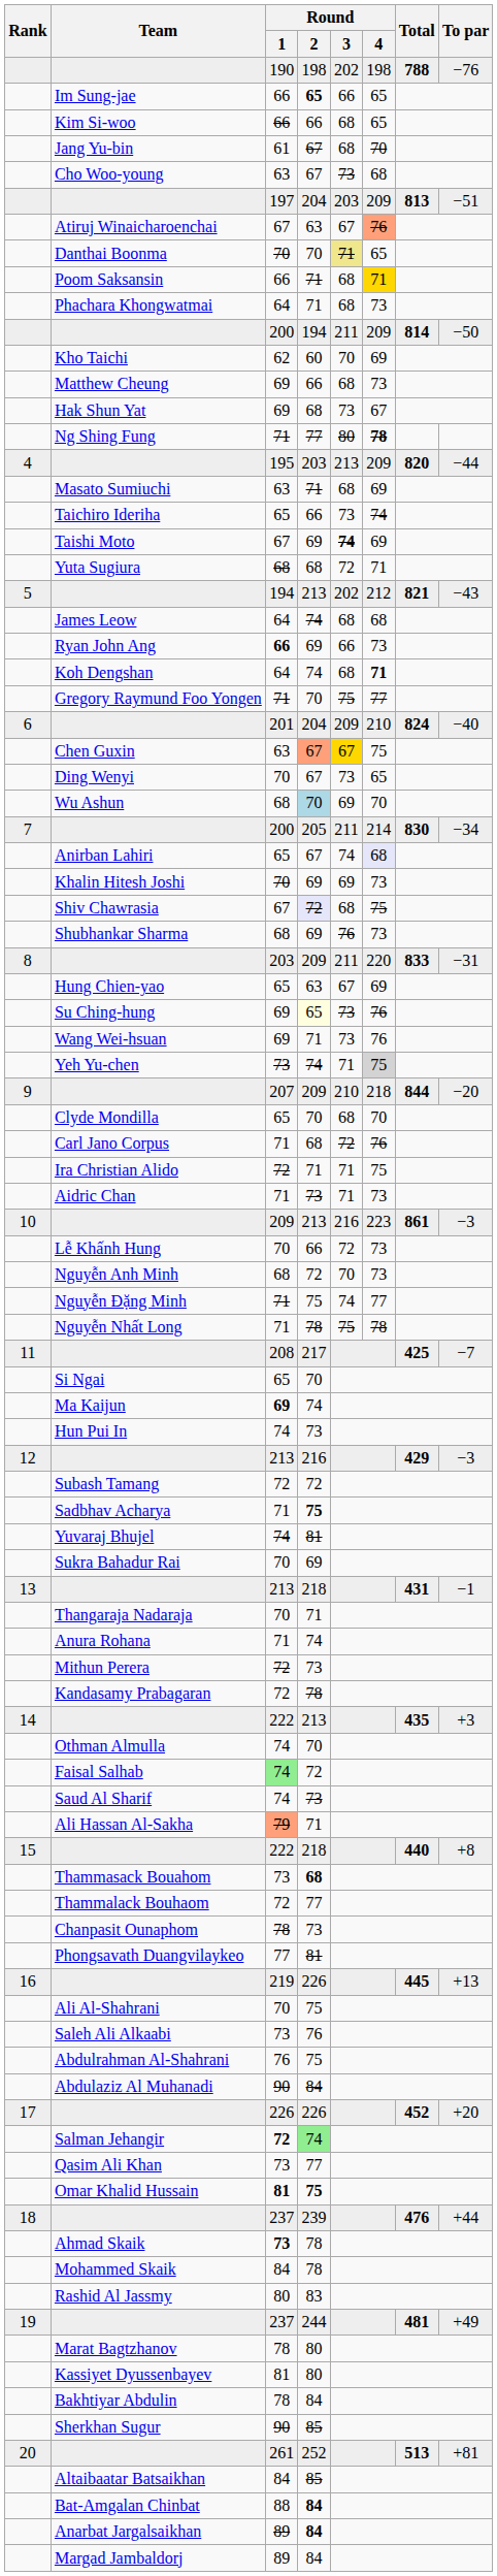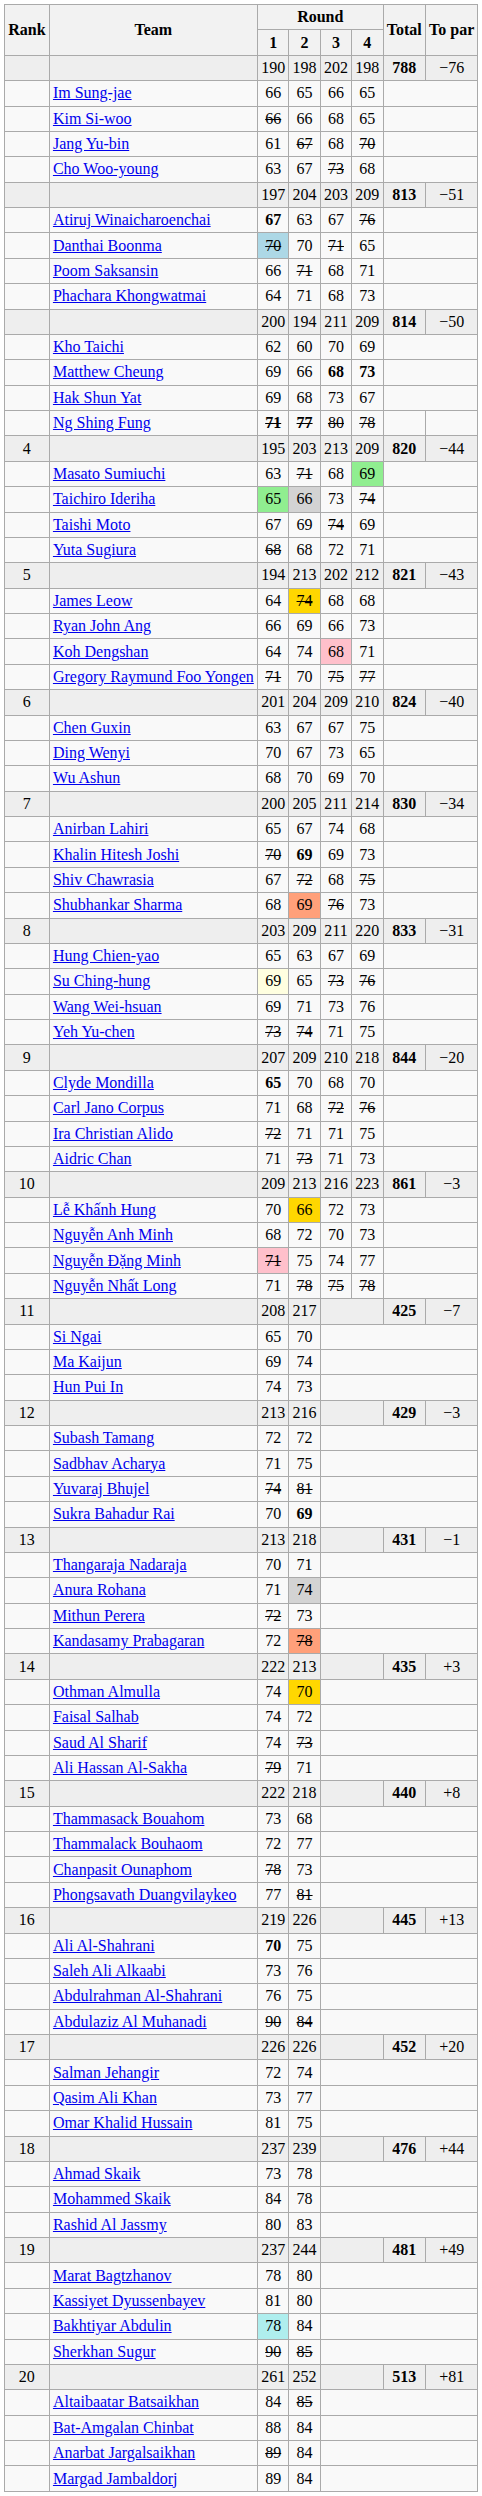 <table class=wikitable style="text-align:center">
 <tr>
 <th rowspan="2">Rank</th>
 <th rowspan="2">Team</th>
 <th colspan="4">Round</th>
 <th rowspan="2">Total</th>
 <th rowspan="2">To par</th>
 </tr>
 <tr>
 <th>1</th>
 <th>2</th>
 <th>3</th>
 <th>4</th>
 </tr>
 <tr style="background:#eeeeee;">
 <td></td>
 <td align=left></td>
 <td>190</td>
 <td>198</td>
 <td>202</td>
 <td>198</td>
 <td><strong>788</strong></td>
 <td>−76</td>
 </tr>
 <tr>
 <td></td>
 <td align=left><a href='#'>Im Sung-jae</a></td>
 <td>66</td>
-<td><strong>65</strong></td>
+<td>65</td>
 <td>66</td>
 <td>65</td>
 <td colspan=2></td>
 </tr>
 <tr>
 <td></td>
 <td align=left><a href='#'>Kim Si-woo</a></td>
 <td><s>66</s></td>
 <td>66</td>
 <td>68</td>
 <td>65</td>
 <td colspan=2></td>
 </tr>
 <tr>
 <td></td>
 <td align=left><a href='#'>Jang Yu-bin</a></td>
 <td>61</td>
 <td><s>67</s></td>
 <td>68</td>
 <td><s>70</s></td>
 <td colspan=2></td>
 </tr>
 <tr>
 <td></td>
 <td align=left><a href='#'>Cho Woo-young</a></td>
 <td>63</td>
 <td>67</td>
 <td><s>73</s></td>
 <td>68</td>
 <td colspan=2></td>
 </tr>
 <tr style="background:#eeeeee;">
 <td></td>
 <td align=left></td>
 <td>197</td>
 <td>204</td>
 <td>203</td>
 <td>209</td>
 <td><strong>813</strong></td>
 <td>−51</td>
 </tr>
 <tr>
 <td></td>
 <td align=left><a href='#'>Atiruj Winaicharoenchai</a></td>
-<td>67</td>
+<td><strong>67</strong></td>
 <td>63</td>
 <td>67</td>
-<td style="background: lightsalmon;"><s>76</s></td>
+<td><s>76</s></td>
 <td colspan=2></td>
 </tr>
 <tr>
 <td></td>
 <td align=left><a href='#'>Danthai Boonma</a></td>
-<td><s>70</s></td>
+<td style="background: lightblue;"><s>70</s></td>
 <td>70</td>
-<td style="background: khaki;"><s>71</s></td>
+<td><s>71</s></td>
 <td>65</td>
 <td colspan=2></td>
 </tr>
 <tr>
 <td></td>
 <td align=left><a href='#'>Poom Saksansin</a></td>
 <td>66</td>
 <td><s>71</s></td>
 <td>68</td>
-<td style="background: gold;">71</td>
+<td>71</td>
 <td colspan=2></td>
 </tr>
 <tr>
 <td></td>
 <td align=left><a href='#'>Phachara Khongwatmai</a></td>
 <td>64</td>
 <td>71</td>
 <td>68</td>
 <td>73</td>
 <td colspan=2></td>
 </tr>
 <tr style="background:#eeeeee;">
 <td></td>
 <td align=left></td>
 <td>200</td>
 <td>194</td>
 <td>211</td>
 <td>209</td>
 <td><strong>814</strong></td>
 <td>−50</td>
 </tr>
 <tr>
 <td></td>
 <td align=left><a href='#'>Kho Taichi</a></td>
 <td>62</td>
 <td>60</td>
 <td>70</td>
 <td>69</td>
 <td colspan=2></td>
 </tr>
 <tr>
 <td></td>
 <td align=left><a href='#'>Matthew Cheung</a></td>
 <td>69</td>
 <td>66</td>
-<td>68</td>
-<td>73</td>
+<td><strong>68</strong></td>
+<td><strong>73</strong></td>
 <td colspan=2></td>
 </tr>
 <tr>
 <td></td>
 <td align=left><a href='#'>Hak Shun Yat</a></td>
 <td>69</td>
 <td>68</td>
 <td>73</td>
 <td>67</td>
 <td colspan=2></td>
 </tr>
 <tr>
 <td></td>
 <td align=left><a href='#'>Ng Shing Fung</a></td>
-<td><s>71</s></td>
-<td><s>77</s></td>
+<td><strong><s>71</s></strong></td>
+<td><strong><s>77</s></strong></td>
 <td><s>80</s></td>
-<td><strong><s>78</s></strong></td>
+<td><s>78</s></td>
 <td></td>
 </tr>
 <tr style="background:#eeeeee;">
 <td>4</td>
 <td align=left></td>
 <td>195</td>
 <td>203</td>
 <td>213</td>
 <td>209</td>
 <td><strong>820</strong></td>
 <td>−44</td>
 </tr>
 <tr>
 <td></td>
 <td align=left><a href='#'>Masato Sumiuchi</a></td>
 <td>63</td>
 <td><s>71</s></td>
 <td>68</td>
-<td>69</td>
+<td style="background: lightgreen;">69</td>
 <td colspan=2></td>
 </tr>
 <tr>
 <td></td>
 <td align=left><a href='#'>Taichiro Ideriha</a></td>
-<td>65</td>
-<td>66</td>
+<td style="background: lightgreen;">65</td>
+<td style="background: lightgrey;">66</td>
 <td>73</td>
 <td><s>74</s></td>
 <td colspan=2></td>
 </tr>
 <tr>
 <td></td>
 <td align=left><a href='#'>Taishi Moto</a></td>
 <td>67</td>
 <td>69</td>
-<td><strong><s>74</s></strong></td>
+<td><s>74</s></td>
 <td>69</td>
 <td colspan=2></td>
 </tr>
 <tr>
 <td></td>
 <td align=left><a href='#'>Yuta Sugiura</a></td>
 <td><s>68</s></td>
 <td>68</td>
 <td>72</td>
 <td>71</td>
 <td colspan=2></td>
 </tr>
 <tr style="background:#eeeeee;">
 <td>5</td>
 <td align=left></td>
 <td>194</td>
 <td>213</td>
 <td>202</td>
 <td>212</td>
 <td><strong>821</strong></td>
 <td>−43</td>
 </tr>
 <tr>
 <td></td>
 <td align=left><a href='#'>James Leow</a></td>
 <td>64</td>
-<td><s>74</s></td>
+<td style="background: gold;"><s>74</s></td>
 <td>68</td>
 <td>68</td>
 <td colspan=2></td>
 </tr>
 <tr>
 <td></td>
 <td align=left><a href='#'>Ryan John Ang</a></td>
-<td><strong>66</strong></td>
+<td>66</td>
 <td>69</td>
 <td>66</td>
 <td>73</td>
 <td colspan=2></td>
 </tr>
 <tr>
 <td></td>
 <td align=left><a href='#'>Koh Dengshan</a></td>
 <td>64</td>
 <td>74</td>
-<td>68</td>
-<td><strong>71</strong></td>
+<td style="background: pink;">68</td>
+<td>71</td>
 <td colspan=2></td>
 </tr>
 <tr>
 <td></td>
 <td align=left><a href='#'>Gregory Raymund Foo Yongen</a></td>
 <td><s>71</s></td>
 <td>70</td>
 <td><s>75</s></td>
 <td><s>77</s></td>
 <td colspan=2></td>
 </tr>
 <tr style="background:#eeeeee;">
 <td>6</td>
 <td align=left></td>
 <td>201</td>
 <td>204</td>
 <td>209</td>
 <td>210</td>
 <td><strong>824</strong></td>
 <td>−40</td>
 </tr>
 <tr>
 <td></td>
 <td align=left><a href='#'>Chen Guxin</a></td>
 <td>63</td>
-<td style="background: lightsalmon;">67</td>
-<td style="background: gold;">67</td>
+<td>67</td>
+<td>67</td>
 <td>75</td>
 <td colspan=2></td>
 </tr>
 <tr>
 <td></td>
 <td align=left><a href='#'>Ding Wenyi</a></td>
 <td>70</td>
 <td>67</td>
 <td>73</td>
 <td>65</td>
 <td colspan=2></td>
 </tr>
 <tr>
 <td></td>
 <td align=left><a href='#'>Wu Ashun</a></td>
 <td>68</td>
-<td style="background: lightblue;">70</td>
+<td>70</td>
 <td>69</td>
 <td>70</td>
 <td colspan=2></td>
 </tr>
 <tr style="background:#eeeeee;">
 <td>7</td>
 <td align=left></td>
 <td>200</td>
 <td>205</td>
 <td>211</td>
 <td>214</td>
 <td><strong>830</strong></td>
 <td>−34</td>
 </tr>
 <tr>
 <td></td>
 <td align=left><a href='#'>Anirban Lahiri</a></td>
 <td>65</td>
 <td>67</td>
 <td>74</td>
-<td style="background: lavender;">68</td>
+<td>68</td>
 <td colspan=2></td>
 </tr>
 <tr>
 <td></td>
 <td align=left><a href='#'>Khalin Hitesh Joshi</a></td>
 <td><s>70</s></td>
-<td>69</td>
+<td><strong>69</strong></td>
 <td>69</td>
 <td>73</td>
 <td colspan=2></td>
 </tr>
 <tr>
 <td></td>
 <td align=left><a href='#'>Shiv Chawrasia</a></td>
 <td>67</td>
-<td style="background: lavender;"><s>72</s></td>
+<td><s>72</s></td>
 <td>68</td>
 <td><s>75</s></td>
 <td colspan=2></td>
 </tr>
 <tr>
 <td></td>
 <td align=left><a href='#'>Shubhankar Sharma</a></td>
 <td>68</td>
-<td>69</td>
+<td style="background: lightsalmon;">69</td>
 <td><s>76</s></td>
 <td>73</td>
 <td colspan=2></td>
 </tr>
 <tr style="background:#eeeeee;">
 <td>8</td>
 <td align=left></td>
 <td>203</td>
 <td>209</td>
 <td>211</td>
 <td>220</td>
 <td><strong>833</strong></td>
 <td>−31</td>
 </tr>
 <tr>
 <td></td>
 <td align=left><a href='#'>Hung Chien-yao</a></td>
 <td>65</td>
 <td>63</td>
 <td>67</td>
 <td>69</td>
 <td colspan=2></td>
 </tr>
 <tr>
 <td></td>
 <td align=left><a href='#'>Su Ching-hung</a></td>
-<td>69</td>
-<td style="background: lightyellow;">65</td>
+<td style="background: lightyellow;">69</td>
+<td>65</td>
 <td><s>73</s></td>
 <td><s>76</s></td>
 <td colspan=2></td>
 </tr>
 <tr>
 <td></td>
 <td align=left><a href='#'>Wang Wei-hsuan</a></td>
 <td>69</td>
 <td>71</td>
 <td>73</td>
 <td>76</td>
 <td colspan=2></td>
 </tr>
 <tr>
 <td></td>
 <td align=left><a href='#'>Yeh Yu-chen</a></td>
 <td><s>73</s></td>
 <td><s>74</s></td>
 <td>71</td>
-<td style="background: lightgrey;">75</td>
+<td>75</td>
 <td colspan=2></td>
 </tr>
 <tr style="background:#eeeeee;">
 <td>9</td>
 <td align=left></td>
 <td>207</td>
 <td>209</td>
 <td>210</td>
 <td>218</td>
 <td><strong>844</strong></td>
 <td>−20</td>
 </tr>
 <tr>
 <td></td>
 <td align=left><a href='#'>Clyde Mondilla</a></td>
-<td>65</td>
+<td><strong>65</strong></td>
 <td>70</td>
 <td>68</td>
 <td>70</td>
 <td colspan=2></td>
 </tr>
 <tr>
 <td></td>
 <td align=left><a href='#'>Carl Jano Corpus</a></td>
 <td>71</td>
 <td>68</td>
 <td><s>72</s></td>
 <td><s>76</s></td>
 <td colspan=2></td>
 </tr>
 <tr>
 <td></td>
 <td align=left><a href='#'>Ira Christian Alido</a></td>
 <td><s>72</s></td>
 <td>71</td>
 <td>71</td>
 <td>75</td>
 <td colspan=2></td>
 </tr>
 <tr>
 <td></td>
 <td align=left><a href='#'>Aidric Chan</a></td>
 <td>71</td>
 <td><s>73</s></td>
 <td>71</td>
 <td>73</td>
 <td colspan=2></td>
 </tr>
 <tr style="background:#eeeeee;">
 <td>10</td>
 <td align=left></td>
 <td>209</td>
 <td>213</td>
 <td>216</td>
 <td>223</td>
 <td><strong>861</strong></td>
 <td>−3</td>
 </tr>
 <tr>
 <td></td>
 <td align=left><a href='#'>Lễ Khấnh Hung</a></td>
 <td>70</td>
-<td>66</td>
+<td style="background: gold;">66</td>
 <td>72</td>
 <td>73</td>
 <td colspan=2></td>
 </tr>
 <tr>
 <td></td>
 <td align=left><a href='#'>Nguyễn Anh Minh</a></td>
 <td>68</td>
 <td>72</td>
 <td>70</td>
 <td>73</td>
 <td colspan=2></td>
 </tr>
 <tr>
 <td></td>
 <td align=left><a href='#'>Nguyễn Đặng Minh</a></td>
-<td><s>71</s></td>
+<td style="background: pink;"><s>71</s></td>
 <td>75</td>
 <td>74</td>
 <td>77</td>
 <td colspan=2></td>
 </tr>
 <tr>
 <td></td>
 <td align=left><a href='#'>Nguyễn Nhất Long</a></td>
 <td>71</td>
 <td><s>78</s></td>
 <td><s>75</s></td>
 <td><s>78</s></td>
 <td colspan=2></td>
 </tr>
 <tr style="background:#eeeeee;">
 <td>11</td>
 <td align=left></td>
 <td>208</td>
 <td>217</td>
 <td colspan=2></td>
 <td><strong>425</strong></td>
 <td>−7</td>
 </tr>
 <tr>
 <td></td>
 <td align=left><a href='#'>Si Ngai</a></td>
 <td>65</td>
 <td>70</td>
 <td colspan=4></td>
 </tr>
 <tr>
 <td></td>
 <td align=left><a href='#'>Ma Kaijun</a></td>
-<td><strong>69</strong></td>
+<td>69</td>
 <td>74</td>
 <td colspan=4></td>
 </tr>
 <tr>
 <td></td>
 <td align=left><a href='#'>Hun Pui In</a></td>
 <td>74</td>
 <td>73</td>
 <td colspan=4></td>
 </tr>
 <tr style="background:#eeeeee;">
 <td>12</td>
 <td align=left></td>
 <td>213</td>
 <td>216</td>
 <td colspan=2></td>
 <td><strong>429</strong></td>
 <td>−3</td>
 </tr>
 <tr>
 <td></td>
 <td align=left><a href='#'>Subash Tamang</a></td>
 <td>72</td>
 <td>72</td>
 <td colspan=4></td>
 </tr>
 <tr>
 <td></td>
 <td align=left><a href='#'>Sadbhav Acharya</a></td>
 <td>71</td>
-<td><strong>75</strong></td>
+<td>75</td>
 <td colspan=4></td>
 </tr>
 <tr>
 <td></td>
 <td align=left><a href='#'>Yuvaraj Bhujel</a></td>
 <td><s>74</s></td>
 <td><s>81</s></td>
 <td colspan=4></td>
 </tr>
 <tr>
 <td></td>
 <td align=left><a href='#'>Sukra Bahadur Rai</a></td>
 <td>70</td>
-<td>69</td>
+<td><strong>69</strong></td>
 <td colspan=4></td>
 </tr>
 <tr style="background:#eeeeee;">
 <td>13</td>
 <td align=left></td>
 <td>213</td>
 <td>218</td>
 <td colspan=2></td>
 <td><strong>431</strong></td>
 <td>−1</td>
 </tr>
 <tr>
 <td></td>
 <td align=left><a href='#'>Thangaraja Nadaraja</a></td>
 <td>70</td>
 <td>71</td>
 <td colspan=4></td>
 </tr>
 <tr>
 <td></td>
 <td align=left><a href='#'>Anura Rohana</a></td>
 <td>71</td>
-<td>74</td>
+<td style="background: lightgrey;">74</td>
 <td colspan=4></td>
 </tr>
 <tr>
 <td></td>
 <td align=left><a href='#'>Mithun Perera</a></td>
 <td><s>72</s></td>
 <td>73</td>
 <td colspan=4></td>
 </tr>
 <tr>
 <td></td>
 <td align=left><a href='#'>Kandasamy Prabagaran</a></td>
 <td>72</td>
-<td><s>78</s></td>
+<td style="background: lightsalmon;"><s>78</s></td>
 <td colspan=4></td>
 </tr>
 <tr style="background:#eeeeee;">
 <td>14</td>
 <td align=left></td>
 <td>222</td>
 <td>213</td>
 <td colspan=2></td>
 <td><strong>435</strong></td>
 <td>+3</td>
 </tr>
 <tr>
 <td></td>
 <td align=left><a href='#'>Othman Almulla</a></td>
 <td>74</td>
-<td>70</td>
+<td style="background: gold;">70</td>
 <td colspan=4></td>
 </tr>
 <tr>
 <td></td>
 <td align=left><a href='#'>Faisal Salhab</a></td>
-<td style="background: lightgreen;">74</td>
+<td>74</td>
 <td>72</td>
 <td colspan=4></td>
 </tr>
 <tr>
 <td></td>
 <td align=left><a href='#'>Saud Al Sharif</a></td>
 <td>74</td>
 <td><s>73</s></td>
 <td colspan=4></td>
 </tr>
 <tr>
 <td></td>
 <td align=left><a href='#'>Ali Hassan Al-Sakha</a></td>
-<td style="background: lightsalmon;"><s>79</s></td>
+<td><s>79</s></td>
 <td>71</td>
 <td colspan=4></td>
 </tr>
 <tr style="background:#eeeeee;">
 <td>15</td>
 <td align=left></td>
 <td>222</td>
 <td>218</td>
 <td colspan=2></td>
 <td><strong>440</strong></td>
 <td>+8</td>
 </tr>
 <tr>
 <td></td>
 <td align=left><a href='#'>Thammasack Bouahom</a></td>
 <td>73</td>
-<td><strong>68</strong></td>
+<td>68</td>
 <td colspan=4></td>
 </tr>
 <tr>
 <td></td>
 <td align=left><a href='#'>Thammalack Bouhaom</a></td>
 <td>72</td>
 <td>77</td>
 <td colspan=4></td>
 </tr>
 <tr>
 <td></td>
 <td align=left><a href='#'>Chanpasit Ounaphom</a></td>
 <td><s>78</s></td>
 <td>73</td>
 <td colspan=4></td>
 </tr>
 <tr>
 <td></td>
 <td align=left><a href='#'>Phongsavath Duangvilaykeo</a></td>
 <td>77</td>
 <td><s>81</s></td>
 <td colspan=4></td>
 </tr>
 <tr style="background:#eeeeee;">
 <td>16</td>
 <td align=left></td>
 <td>219</td>
 <td>226</td>
 <td colspan=2></td>
 <td><strong>445</strong></td>
 <td>+13</td>
 </tr>
 <tr>
 <td></td>
 <td align=left><a href='#'>Ali Al-Shahrani</a></td>
-<td>70</td>
+<td><strong>70</strong></td>
 <td>75</td>
 <td colspan=4></td>
 </tr>
 <tr>
 <td></td>
 <td align=left><a href='#'>Saleh Ali Alkaabi</a></td>
 <td>73</td>
 <td>76</td>
 <td colspan=4></td>
 </tr>
 <tr>
 <td></td>
 <td align=left><a href='#'>Abdulrahman Al-Shahrani</a></td>
 <td>76</td>
 <td>75</td>
 <td colspan=4></td>
 </tr>
 <tr>
 <td></td>
 <td align=left><a href='#'>Abdulaziz Al Muhanadi</a></td>
 <td><s>90</s></td>
 <td><s>84</s></td>
 <td colspan=4></td>
 </tr>
 <tr style="background:#eeeeee;">
 <td>17</td>
 <td align=left></td>
 <td>226</td>
 <td>226</td>
 <td colspan=2></td>
 <td><strong>452</strong></td>
 <td>+20</td>
 </tr>
 <tr>
 <td></td>
 <td align=left><a href='#'>Salman Jehangir</a></td>
-<td><strong>72</strong></td>
-<td style="background: lightgreen;">74</td>
+<td>72</td>
+<td>74</td>
 <td colspan=4></td>
 </tr>
 <tr>
 <td></td>
 <td align=left><a href='#'>Qasim Ali Khan</a></td>
 <td>73</td>
 <td>77</td>
 <td colspan=4></td>
 </tr>
 <tr>
 <td></td>
 <td align=left><a href='#'>Omar Khalid Hussain</a></td>
-<td><strong>81</strong></td>
-<td><strong>75</strong></td>
+<td>81</td>
+<td>75</td>
 <td colspan=4></td>
 </tr>
 <tr style="background:#eeeeee;">
 <td>18</td>
 <td align=left></td>
 <td>237</td>
 <td>239</td>
 <td colspan=2></td>
 <td><strong>476</strong></td>
 <td>+44</td>
 </tr>
 <tr>
 <td></td>
 <td align=left><a href='#'>Ahmad Skaik</a></td>
-<td><strong>73</strong></td>
+<td>73</td>
 <td>78</td>
 <td colspan=4></td>
 </tr>
 <tr>
 <td></td>
 <td align=left><a href='#'>Mohammed Skaik</a></td>
 <td>84</td>
 <td>78</td>
 <td colspan=4></td>
 </tr>
 <tr>
 <td></td>
 <td align=left><a href='#'>Rashid Al Jassmy</a></td>
 <td>80</td>
 <td>83</td>
 <td colspan=4></td>
 </tr>
 <tr style="background:#eeeeee;">
 <td>19</td>
 <td align=left></td>
 <td>237</td>
 <td>244</td>
 <td colspan=2></td>
 <td><strong>481</strong></td>
 <td>+49</td>
 </tr>
 <tr>
 <td></td>
 <td align=left><a href='#'>Marat Bagtzhanov</a></td>
 <td>78</td>
 <td>80</td>
 <td colspan=4></td>
 </tr>
 <tr>
 <td></td>
 <td align=left><a href='#'>Kassiyet Dyussenbayev</a></td>
 <td>81</td>
 <td>80</td>
 <td colspan=4></td>
 </tr>
 <tr>
 <td></td>
 <td align=left><a href='#'>Bakhtiyar Abdulin</a></td>
-<td>78</td>
+<td style="background: paleturquoise;">78</td>
 <td>84</td>
 <td colspan=4></td>
 </tr>
 <tr>
 <td></td>
 <td align=left><a href='#'>Sherkhan Sugur</a></td>
 <td><s>90</s></td>
 <td><s>85</s></td>
 <td colspan=4></td>
 </tr>
 <tr style="background:#eeeeee;">
 <td>20</td>
 <td align=left></td>
 <td>261</td>
 <td>252</td>
 <td colspan=2></td>
 <td><strong>513</strong></td>
 <td>+81</td>
 </tr>
 <tr>
 <td></td>
 <td align=left><a href='#'>Altaibaatar Batsaikhan</a></td>
 <td>84</td>
 <td><s>85</s></td>
 <td colspan=4></td>
 </tr>
 <tr>
 <td></td>
 <td align=left><a href='#'>Bat-Amgalan Chinbat</a></td>
 <td>88</td>
-<td><strong>84</strong></td>
+<td>84</td>
 <td colspan=4></td>
 </tr>
 <tr>
 <td></td>
 <td align=left><a href='#'>Anarbat Jargalsaikhan</a></td>
 <td><s>89</s></td>
-<td><strong>84</strong></td>
+<td>84</td>
 <td colspan=4></td>
 </tr>
 <tr>
 <td></td>
 <td align=left><a href='#'>Margad Jambaldorj</a></td>
 <td>89</td>
 <td>84</td>
 <td colspan=4></td>
 </tr>
 </table>
